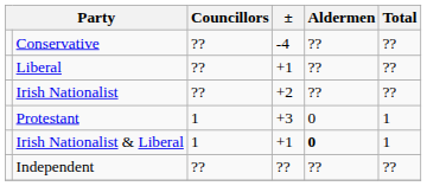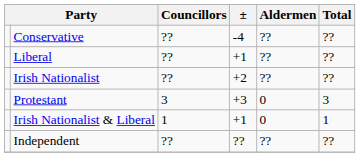 <table class="wikitable">
 <tr>
 <th colspan="2">Party</th>
 <th>Councillors</th>
 <th>  ±  </th>
 <th>Aldermen</th>
 <th>Total</th>
 </tr>
 <tr>
 <td style="background-color: "></td>
 <td><a href='#'>Conservative</a></td>
 <td>??</td>
 <td>-4</td>
 <td>??</td>
 <td>??</td>
 </tr>
 <tr>
 <td style="background-color: "></td>
 <td><a href='#'>Liberal</a></td>
 <td>??</td>
 <td>+1</td>
 <td>??</td>
 <td>??</td>
 </tr>
 <tr>
 <td style="background-color: "></td>
 <td><a href='#'>Irish Nationalist</a></td>
 <td>??</td>
 <td>+2</td>
 <td>??</td>
 <td>??</td>
 </tr>
 <tr>
 <td style="background-color: "></td>
 <td><a href='#'>Protestant</a></td>
-<td>1</td>
+<td>3</td>
 <td>+3</td>
 <td>0</td>
-<td>1</td>
+<td>3</td>
 </tr>
 <tr>
 <td style="background-color: "></td>
 <td><a href='#'>Irish Nationalist</a> & <a href='#'>Liberal</a></td>
 <td>1</td>
 <td>+1</td>
-<td><strong>0</strong></td>
+<td>0</td>
 <td>1</td>
 </tr>
 <tr>
 <td style="background-color: "></td>
 <td>Independent</td>
 <td>??</td>
 <td>??</td>
 <td>??</td>
 <td>??</td>
 </tr>
 <tr>
 </tr>
 </table>
